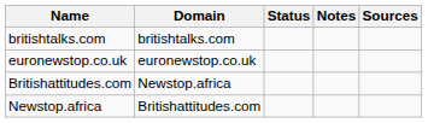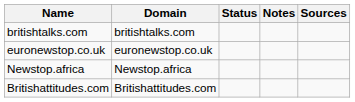 <table class="wikitable sortable mw-collapsible">
 <tr>
 <th>Name</th>
 <th>Domain</th>
 <th>Status</th>
 <th class="sortable">Notes</th>
 <th class="unsortable">Sources</th>
 </tr>
 <tr>
 <td>britishtalks.com</td>
 <td>britishtalks.com</td>
 <td></td>
 <td></td>
 <td></td>
 </tr>
 <tr>
 <td>euronewstop.co.uk</td>
 <td>euronewstop.co.uk</td>
 <td></td>
 <td></td>
 <td></td>
 </tr>
 <tr>
-<td>Britishattitudes.com</td>
+<td>Newstop.africa</td>
 <td>Newstop.africa</td>
 <td></td>
 <td></td>
 <td></td>
 </tr>
 <tr>
-<td>Newstop.africa</td>
+<td>Britishattitudes.com</td>
 <td>Britishattitudes.com</td>
 <td></td>
 <td></td>
 <td></td>
 </tr>
 </table>
